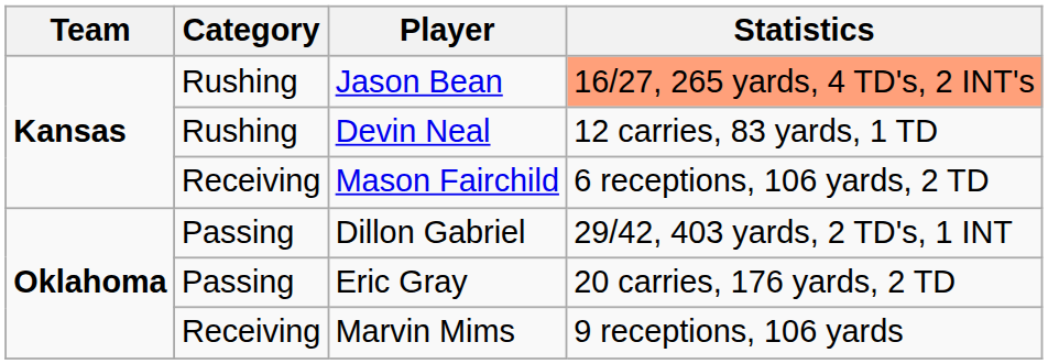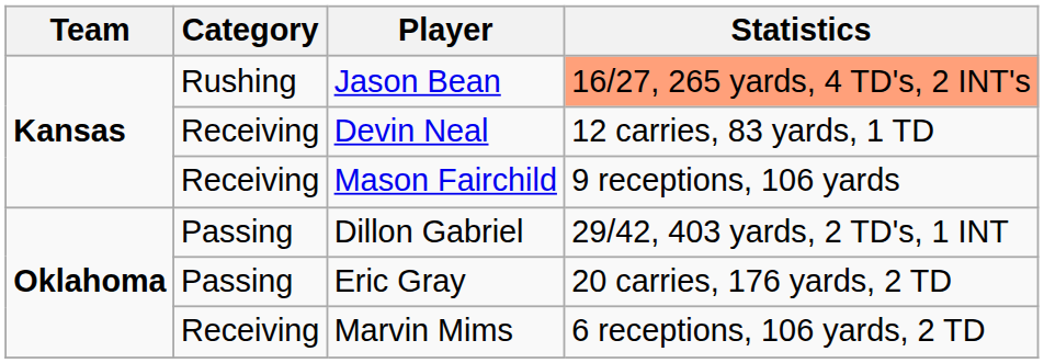 <table class="wikitable" style="float: right;">
 <tr>
 <th>Team</th>
 <th>Category</th>
 <th>Player</th>
 <th>Statistics</th>
 </tr>
 <tr>
 <td rowspan=3><strong>Kansas</strong></td>
 <td>Rushing</td>
 <td><a href='#'>Jason Bean</a></td>
 <td style="background: lightsalmon;">16/27, 265 yards, 4 TD's, 2 INT's</td>
 </tr>
 <tr>
-<td>Rushing</td>
+<td>Receiving</td>
 <td><a href='#'>Devin Neal</a></td>
 <td>12 carries, 83 yards, 1 TD</td>
 </tr>
 <tr>
 <td>Receiving</td>
 <td><a href='#'>Mason Fairchild</a></td>
-<td>6 receptions, 106 yards, 2 TD</td>
+<td>9 receptions, 106 yards</td>
 </tr>
 <tr>
 <td rowspan=3><strong>Oklahoma</strong></td>
 <td>Passing</td>
 <td>Dillon Gabriel</td>
 <td>29/42, 403 yards, 2 TD's, 1 INT</td>
 </tr>
 <tr>
 <td>Passing</td>
 <td>Eric Gray</td>
 <td>20 carries, 176 yards, 2 TD</td>
 </tr>
 <tr>
 <td>Receiving</td>
 <td>Marvin Mims</td>
-<td>9 receptions, 106 yards</td>
+<td>6 receptions, 106 yards, 2 TD</td>
 </tr>
 </table>
